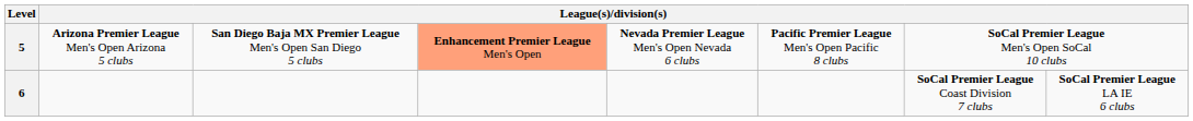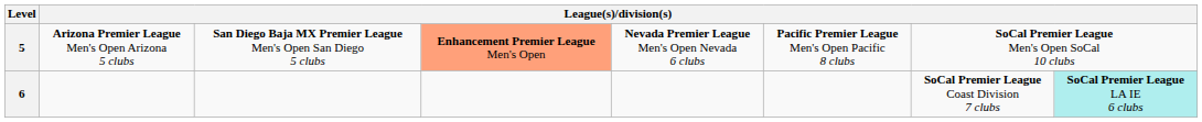 <table class="wikitable" style="border: none; text-align: center;">
 <tr>
 <th width=2%>Level</th>
 <th colspan="7">League(s)/division(s)</th>
 </tr>
 <tr>
 <th>5</th>
 <td><strong>Arizona Premier League</strong><br>Men's Open Arizona<br><em>5 clubs</em></td>
 <td><strong>San Diego Baja MX Premier League</strong><br>Men's Open San Diego<br><em>5 clubs</em></td>
 <td style="background: lightsalmon;"><strong>Enhancement Premier League</strong><br>Men's Open<br></td>
 <td><strong>Nevada Premier League</strong><br>Men's Open Nevada<br><em>6 clubs</em></td>
 <td><strong>Pacific Premier League</strong><br>Men's Open Pacific<br><em>8 clubs</em></td>
 <td colspan=2><strong>SoCal Premier League</strong><br>Men's Open SoCal<br><em>10 clubs</em></td>
 </tr>
 <tr>
 <th>6</th>
 <td></td>
 <td></td>
 <td></td>
 <td></td>
 <td></td>
 <td><strong>SoCal Premier League</strong><br>Coast Division<br><em>7 clubs</em></td>
-<td><strong>SoCal Premier League</strong><br>LA IE<br><em>6 clubs</em></td>
+<td style="background: paleturquoise;"><strong>SoCal Premier League</strong><br>LA IE<br><em>6 clubs</em></td>
 </tr>
 </table>
